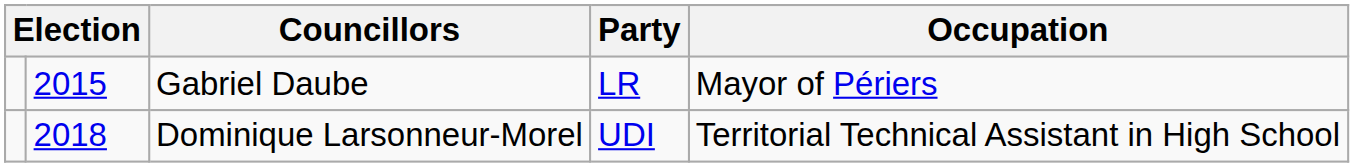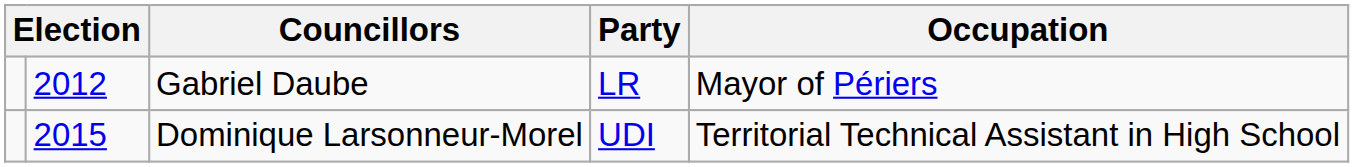 <table class="wikitable">
 <tr>
 <th colspan="2">Election</th>
 <th>Councillors</th>
 <th>Party</th>
 <th>Occupation</th>
 </tr>
 <tr>
 <td style="background-color: "></td>
-<td><a href='#'>2015</a></td>
+<td><a href='#'>2012</a></td>
 <td>Gabriel Daube</td>
 <td><a href='#'>LR</a></td>
 <td>Mayor of <a href='#'>Périers</a></td>
 </tr>
 <tr>
 <td style="background-color: "></td>
-<td><a href='#'>2018</a></td>
+<td><a href='#'>2015</a></td>
 <td>Dominique Larsonneur-Morel</td>
 <td><a href='#'>UDI</a></td>
 <td>Territorial Technical Assistant in High School</td>
 </tr>
 </table>
